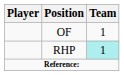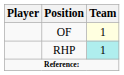 <table class="wikitable sortable sortable" style="text-align: center">
 <tr align=center>
 <th>Player</th>
 <th>Position</th>
 <th>Team</th>
 </tr>
 <tr>
 <td></td>
 <td>OF</td>
-<td>1</td>
+<td style="background: lightyellow;">1</td>
 </tr>
 <tr>
 <td></td>
 <td>RHP</td>
 <td style="background: paleturquoise;">1</td>
 </tr>
 <tr class="sortbottom">
 <td colspan="4"  style="font-size:8pt; text-align:center;"><strong>Reference:</strong></td>
 </tr>
 </table>
